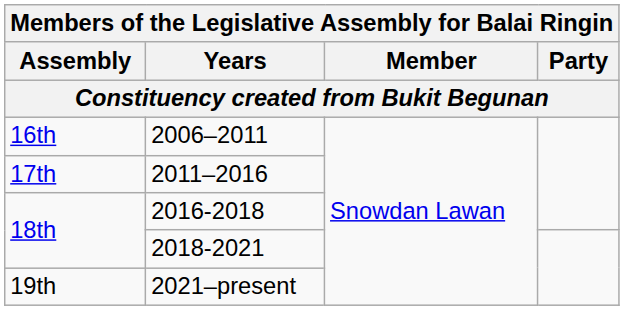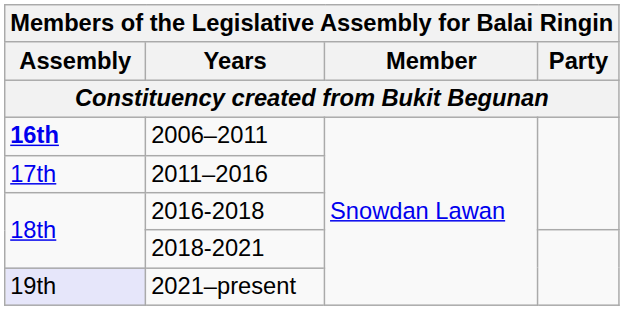 <table class=wikitable>
 <tr>
 <th colspan="4">Members of the Legislative Assembly for Balai Ringin</th>
 </tr>
 <tr>
 <th>Assembly</th>
 <th>Years</th>
 <th>Member</th>
 <th>Party</th>
 </tr>
 <tr>
 <th colspan=4 align=center><em>Constituency created from Bukit Begunan</em></th>
 </tr>
 <tr>
-<td><a href='#'>16th</a></td>
+<td><strong><a href='#'>16th</a></strong></td>
 <td>2006–2011</td>
 <td rowspan="5"><a href='#'>Snowdan Lawan</a></td>
 <td rowspan=3></td>
 </tr>
 <tr>
 <td><a href='#'>17th</a></td>
 <td>2011–2016</td>
 </tr>
 <tr>
 <td rowspan="2"><a href='#'>18th</a></td>
 <td>2016-2018</td>
 </tr>
 <tr>
 <td>2018-2021</td>
 <td rowspan="2"></td>
 </tr>
 <tr>
-<td>19th</td>
+<td style="background: lavender;">19th</td>
 <td>2021–present</td>
 </tr>
 </table>
